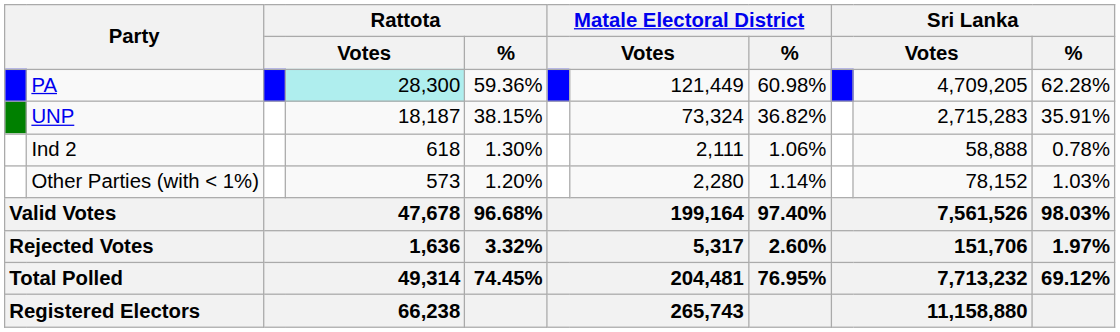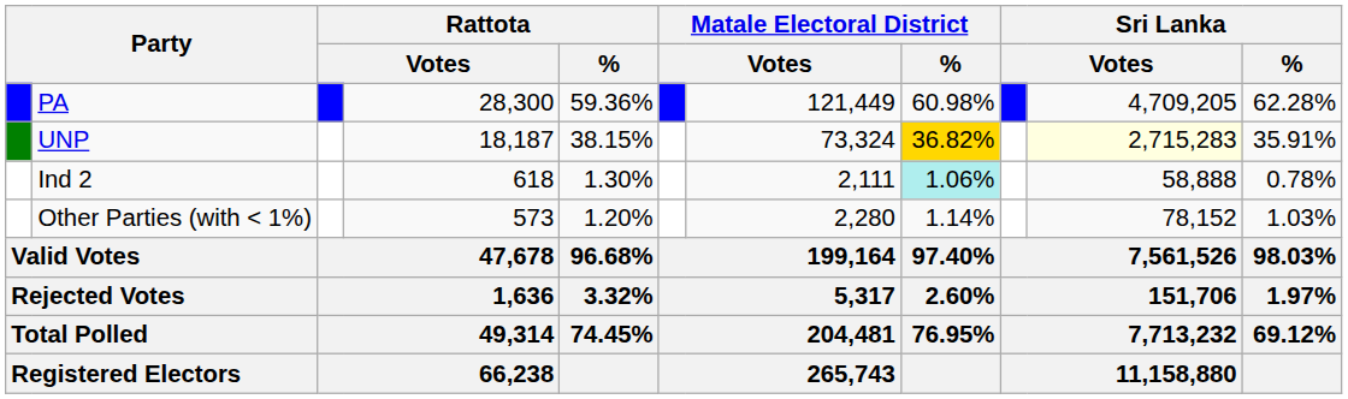 <table class="wikitable">
 <tr>
 <th colspan="2" width="144px"rowspan="2">Party</th>
 <th colspan="3" width="216px">Rattota</th>
 <th colspan="3" width="216px"><a href='#'>Matale Electoral District</a></th>
 <th colspan="3" width="216px">Sri Lanka</th>
 </tr>
 <tr>
 <th colspan="2" width="144px">Votes</th>
 <th>%</th>
 <th colspan="2" width="144px">Votes</th>
 <th>%</th>
 <th colspan="2" width="144px">Votes</th>
 <th>%</th>
 </tr>
 <tr>
 <td style="background-color:blue;" width="10px"></td>
 <td style="text-align:left;"><a href='#'>PA</a></td>
 <td style="background-color:blue;" width="10px"></td>
-<td style="background: paleturquoise; text-align:right;">28,300</td>
+<td style="text-align:right;">28,300</td>
 <td style="text-align:right;">59.36%</td>
 <td style="background-color:blue;" width="10px"></td>
 <td style="text-align:right;">121,449</td>
 <td style="text-align:right;">60.98%</td>
 <td style="background-color:blue;" width="10px"></td>
 <td style="text-align:right;">4,709,205</td>
 <td style="text-align:right;">62.28%</td>
 </tr>
 <tr>
 <td style="background-color:green;" width="10px"></td>
 <td style="text-align:left;"><a href='#'>UNP</a></td>
 <td style="background-color:white;" width="10px"></td>
 <td style="text-align:right;">18,187</td>
 <td style="text-align:right;">38.15%</td>
 <td style="background-color:white;" width="10px"></td>
 <td style="text-align:right;">73,324</td>
-<td style="text-align:right;">36.82%</td>
+<td style="background: gold; text-align:right;">36.82%</td>
 <td style="background-color:white;" width="10px"></td>
-<td style="text-align:right;">2,715,283</td>
+<td style="background: lightyellow; text-align:right;">2,715,283</td>
 <td style="text-align:right;">35.91%</td>
 </tr>
 <tr>
 <td style="background-color:white;" width="10px"></td>
 <td style="text-align:left;">Ind 2</td>
 <td style="background-color:white;" width="10px"></td>
 <td style="text-align:right;">618</td>
 <td style="text-align:right;">1.30%</td>
 <td style="background-color:white;" width="10px"></td>
 <td style="text-align:right;">2,111</td>
-<td style="text-align:right;">1.06%</td>
+<td style="background: paleturquoise; text-align:right;">1.06%</td>
 <td style="background-color:white;" width="10px"></td>
 <td style="text-align:right;">58,888</td>
 <td style="text-align:right;">0.78%</td>
 </tr>
 <tr>
 <td style="background-color:white;" width="10px"></td>
 <td style="text-align:left;">Other Parties (with < 1%)</td>
 <td style="background-color:white;" width="10px"></td>
 <td style="text-align:right;">573</td>
 <td style="text-align:right;">1.20%</td>
 <td style="background-color:white;" width="10px"></td>
 <td style="text-align:right;">2,280</td>
 <td style="text-align:right;">1.14%</td>
 <td style="background-color:white;" width="10px"></td>
 <td style="text-align:right;">78,152</td>
 <td style="text-align:right;">1.03%</td>
 </tr>
 <tr>
 <th colspan="2" width="144px"style="text-align:left;">Valid Votes</th>
 <th style="text-align:right;"colspan="2" width="144px">47,678</th>
 <th style="text-align:right;">96.68%</th>
 <th style="text-align:right;"colspan="2" width="144px">199,164</th>
 <th style="text-align:right;">97.40%</th>
 <th style="text-align:right;"colspan="2" width="144px">7,561,526</th>
 <th style="text-align:right;">98.03%</th>
 </tr>
 <tr>
 <th colspan="2" width="144px"style="text-align:left;">Rejected Votes</th>
 <th style="text-align:right;"colspan="2" width="144px">1,636</th>
 <th style="text-align:right;">3.32%</th>
 <th style="text-align:right;"colspan="2" width="144px">5,317</th>
 <th style="text-align:right;">2.60%</th>
 <th style="text-align:right;"colspan="2" width="144px">151,706</th>
 <th style="text-align:right;">1.97%</th>
 </tr>
 <tr>
 <th colspan="2" width="144px"style="text-align:left;">Total Polled</th>
 <th style="text-align:right;"colspan="2" width="144px">49,314</th>
 <th style="text-align:right;">74.45%</th>
 <th style="text-align:right;"colspan="2" width="144px">204,481</th>
 <th style="text-align:right;">76.95%</th>
 <th style="text-align:right;"colspan="2" width="144px">7,713,232</th>
 <th style="text-align:right;">69.12%</th>
 </tr>
 <tr>
 <th colspan="2" width="144px"style="text-align:left;">Registered Electors</th>
 <th style="text-align:right;"colspan="2" width="144px">66,238</th>
 <th></th>
 <th style="text-align:right;"colspan="2" width="144px">265,743</th>
 <th></th>
 <th style="text-align:right;"colspan="2" width="144px">11,158,880</th>
 <th></th>
 </tr>
 </table>
